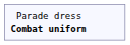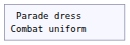 <table style="border:1px solid #8888aa; background-color:#f7f8ff; padding:5px; font-size:95%; margin: 0px 12px 12px 0px;">
 <tr style="text-align:center;">
 <td>Parade dress</td>
 <td colspan=2 rowspan=2></td>
 <td colspan=2></td>
 <td colspan=2></td>
 <td colspan=2></td>
 <td colspan=2 rowspan=2></td>
 <td colspan=2></td>
 <td colspan=2></td>
 <td colspan=2></td>
 <td colspan=2></td>
 <td colspan=3></td>
 <td colspan=3></td>
 </tr>
 <tr style="text-align:center;">
-<td><strong>Combat uniform</strong></td>
+<td>Combat uniform</td>
 <td colspan=2></td>
 <td colspan=2></td>
 <td colspan=2></td>
 <td colspan=2></td>
 <td colspan=2></td>
 <td colspan=2></td>
 <td colspan=2></td>
 <td colspan=3></td>
 <td colspan=3><br></td>
 </tr>
 </table>
